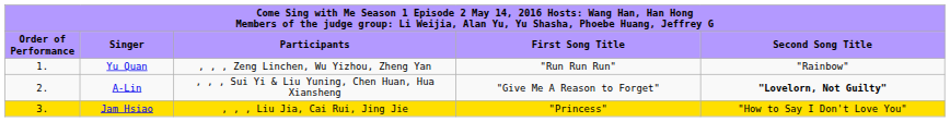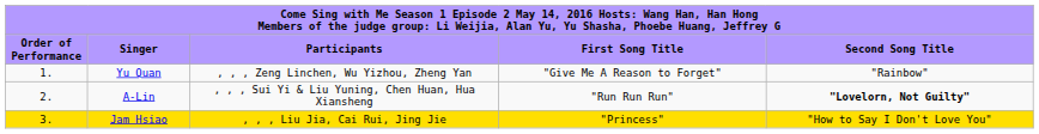 <table class="wikitable sortable mw-collapsible" width="100%" style="text-align:center">
 <tr style="background:#B399FF">
 <td colspan="5"><div><strong>Come Sing with Me Season 1 Episode 2 May 14, 2016 Hosts: Wang Han, Han Hong<br>Members of the judge group: Li Weijia, Alan Yu, Yu Shasha, Phoebe Huang, Jeffrey G</strong></div></td>
 </tr>
 <tr style="background:#B399FF">
 <td style="width:8%"><strong>Order of Performance</strong></td>
 <td style="width:10%"><strong>Singer</strong></td>
 <td style="width:30%"><strong>Participants</strong></td>
 <td style="width:26%"><strong>First Song Title</strong></td>
 <td style="width:26%"><strong>Second Song Title</strong></td>
 </tr>
 <tr>
 <td>1.</td>
 <td><a href='#'>Yu Quan</a></td>
 <td>, , , Zeng Linchen, Wu Yizhou, Zheng Yan</td>
-<td>"Run Run Run"</td>
+<td>"Give Me A Reason to Forget"</td>
 <td>"Rainbow"</td>
 </tr>
 <tr>
 <td>2.</td>
 <td><a href='#'>A-Lin</a></td>
 <td>, , , Sui Yi & Liu Yuning, Chen Huan, Hua Xiansheng</td>
-<td>"Give Me A Reason to Forget"</td>
+<td>"Run Run Run"</td>
 <td><strong>"Lovelorn, Not Guilty"</strong></td>
 </tr>
 <tr style="background:#FFDF00">
 <td>3.</td>
 <td><a href='#'>Jam Hsiao</a></td>
 <td>, , , Liu Jia, Cai Rui, Jing Jie</td>
 <td>"Princess"</td>
 <td>"How to Say I Don't Love You"</td>
 </tr>
 </table>
